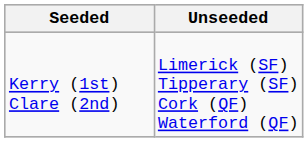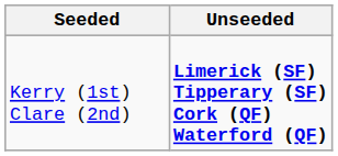 <table class="wikitable" style="font-size:80%">
 <tr>
 <th width="50%">Seeded</th>
 <th width="50%">Unseeded</th>
 </tr>
 <tr>
 <td><br> <a href='#'>Kerry</a> (<a href='#'>1st</a>)<br> <a href='#'>Clare</a> (<a href='#'>2nd</a>)</td>
-<td><br> <a href='#'>Limerick</a> (<a href='#'>SF</a>)<br> <a href='#'>Tipperary</a> (<a href='#'>SF</a>)<br> <a href='#'>Cork</a> (<a href='#'>QF</a>)<br> <a href='#'>Waterford</a> (<a href='#'>QF</a>)</td>
+<td><strong><br> <a href='#'>Limerick</a> (<a href='#'>SF</a>)<br> <a href='#'>Tipperary</a> (<a href='#'>SF</a>)<br> <a href='#'>Cork</a> (<a href='#'>QF</a>)<br> <a href='#'>Waterford</a> (<a href='#'>QF</a>)</strong></td>
 </tr>
 </table>
